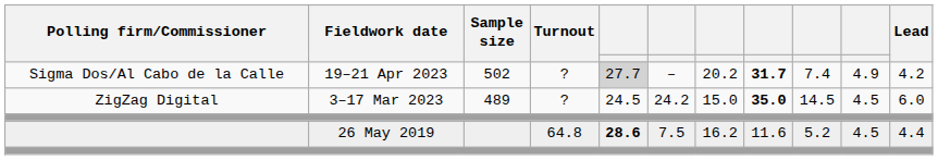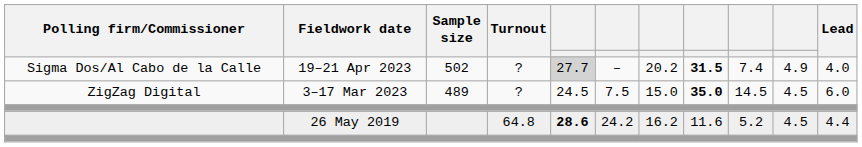 <table class="wikitable collapsible collapsed" style="text-align:center; font-size:95%; line-height:16px;">
 <tr style="height:42px;">
 <th style="width:250px;" rowspan="2">Polling firm/Commissioner</th>
 <th style="width:125px;" rowspan="2">Fieldwork date</th>
 <th style="width:50px;" rowspan="2">Sample size</th>
 <th style="width:45px;" rowspan="2">Turnout</th>
 <th style="width:35px;"></th>
 <th style="width:35px;"></th>
 <th style="width:35px;"></th>
 <th style="width:35px;"></th>
 <th style="width:35px;"></th>
 <th style="width:35px;"></th>
 <th style="width:30px;" rowspan="2">Lead</th>
 </tr>
 <tr>
 <th style="color:inherit;background:"></th>
 <th style="color:inherit;background:"></th>
 <th style="color:inherit;background:"></th>
 <th style="color:inherit;background:"></th>
 <th style="color:inherit;background:"></th>
 <th style="color:inherit;background:"></th>
 </tr>
 <tr>
 <td>Sigma Dos/Al Cabo de la Calle</td>
 <td>19–21 Apr 2023</td>
 <td>502</td>
 <td>?</td>
 <td style="background: lightgrey;">27.7<br></td>
 <td>–</td>
 <td>20.2<br></td>
-<td><strong>31.7</strong><br></td>
+<td><strong>31.5</strong><br></td>
 <td>7.4<br></td>
 <td>4.9<br></td>
-<td style="background:">4.2</td>
+<td style="background:">4.0</td>
 </tr>
 <tr>
 <td>ZigZag Digital</td>
 <td>3–17 Mar 2023</td>
 <td>489</td>
 <td>?</td>
 <td>24.5<br></td>
-<td>24.2<br></td>
+<td>7.5<br></td>
 <td>15.0<br></td>
 <td><strong>35.0</strong><br></td>
 <td>14.5<br></td>
 <td>4.5<br></td>
 <td style="background:">6.0</td>
 </tr>
 <tr>
 <td colspan="11" style="background:#A0A0A0"></td>
 </tr>
 <tr style="background:#EFEFEF;">
 <td><strong></strong></td>
 <td>26 May 2019</td>
 <td></td>
 <td>64.8</td>
 <td><strong>28.6</strong><br></td>
-<td>7.5<br></td>
+<td>24.2<br></td>
 <td>16.2<br></td>
 <td>11.6<br></td>
 <td>5.2<br></td>
 <td>4.5<br></td>
 <td style="background:">4.4</td>
 </tr>
 <tr>
 <td colspan="11" style="background:#A0A0A0"></td>
 </tr>
 </table>
